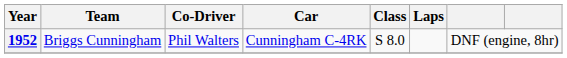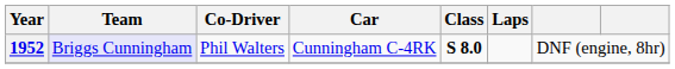 <table class="wikitable" style="text-align:center; font-size:90%">
 <tr>
 <th>Year</th>
 <th>Team</th>
 <th>Co-Driver</th>
 <th>Car</th>
 <th>Class</th>
 <th>Laps</th>
 <th></th>
 <th></th>
 </tr>
 <tr>
 <th><a href='#'>1952</a></th>
-<td align="left"> <a href='#'>Briggs Cunningham</a></td>
+<td align="left" style="background: lavender;"> <a href='#'>Briggs Cunningham</a></td>
 <td align="left"> <a href='#'>Phil Walters</a></td>
 <td align="left"><a href='#'>Cunningham C-4RK</a></td>
-<td>S 8.0</td>
+<td><strong>S 8.0</strong></td>
 <td></td>
 <td colspan="2">DNF (engine, 8hr)</td>
 </tr>
 <tr>
 </tr>
 </table>
